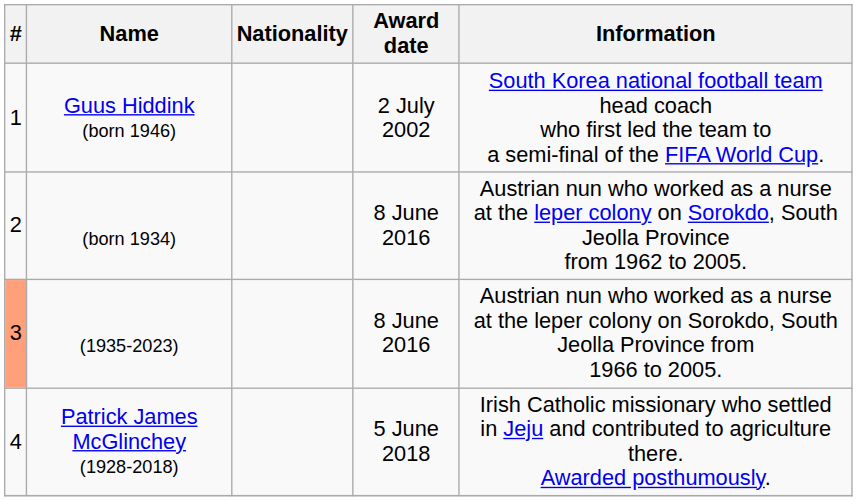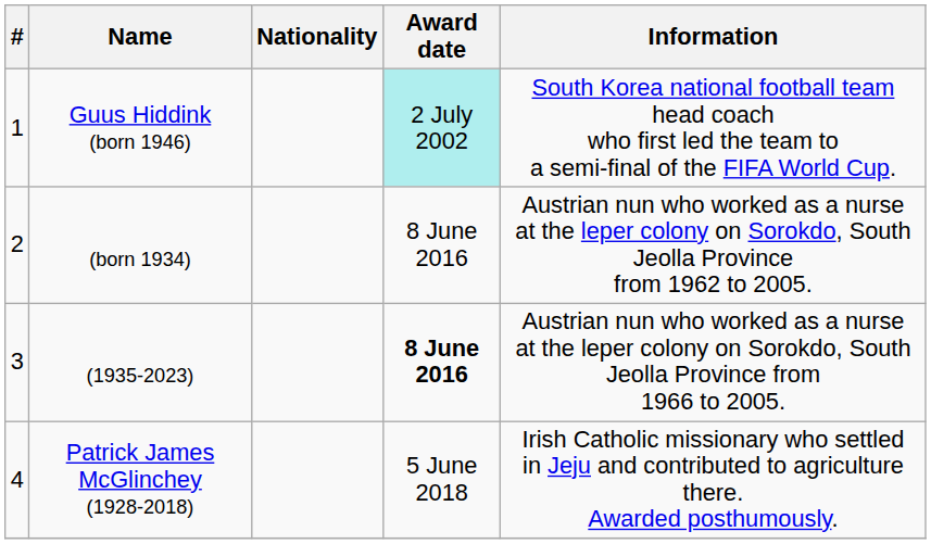 <table class="wikitable sortable" style="width: 100%">
 <tr>
 <th>#</th>
 <th>Name</th>
 <th>Nationality</th>
 <th>Award date</th>
 <th>Information</th>
 </tr>
 <tr>
 <td align="center">1</td>
 <td align="center"><a href='#'>Guus Hiddink</a><br><small>(born 1946)</small></td>
 <td align="center"></td>
-<td align="center">2 July 2002</td>
+<td align="center" style="background: paleturquoise;">2 July 2002</td>
 <td align="center"><a href='#'>South Korea national football team</a> head coach<br>who first led the team to<br>a semi-final of the <a href='#'>FIFA World Cup</a>.</td>
 </tr>
 <tr>
 <td align="center">2</td>
 <td align="center"><br><small>(born 1934)</small></td>
 <td align="center"></td>
 <td align="center">8 June 2016</td>
 <td align="center">Austrian nun who worked as a nurse<br>at the <a href='#'>leper colony</a> on <a href='#'>Sorokdo</a>, South Jeolla Province<br>from 1962 to 2005.</td>
 </tr>
 <tr>
-<td align="center" style="background: lightsalmon;">3</td>
+<td align="center">3</td>
 <td align="center"><br><small>(1935-2023)</small></td>
 <td align="center"></td>
-<td align="center">8 June 2016</td>
+<td align="center"><strong>8 June 2016</strong></td>
 <td align="center">Austrian nun who worked as a nurse<br> at the leper colony on Sorokdo, South Jeolla Province from<br>1966 to 2005.</td>
 </tr>
 <tr>
 <td align="center">4</td>
 <td align="center"><a href='#'>Patrick James McGlinchey</a><br><small>(1928-2018)</small></td>
 <td align="center"></td>
 <td align="center">5 June 2018</td>
 <td align="center">Irish Catholic missionary who settled<br>in <a href='#'>Jeju</a> and contributed to agriculture there.<br><a href='#'>Awarded posthumously</a>.</td>
 </tr>
 <tr>
 </tr>
 </table>
